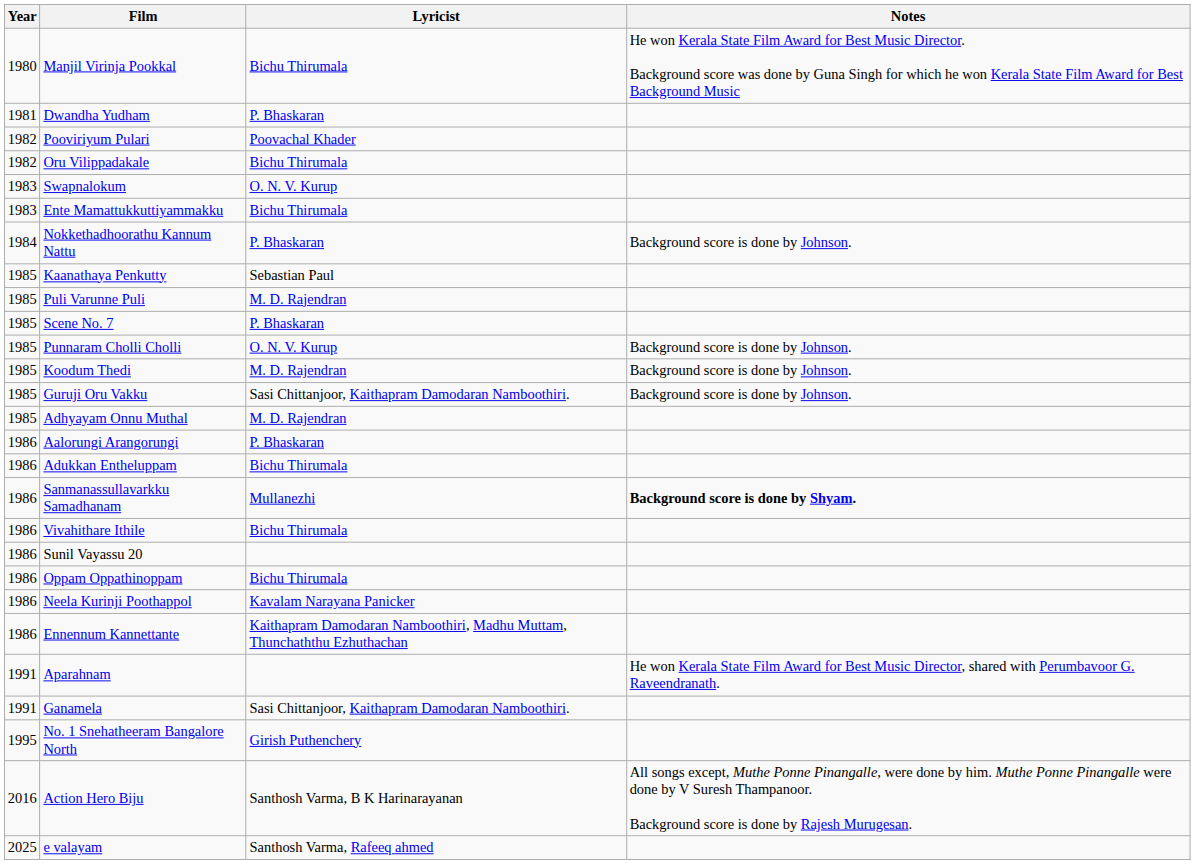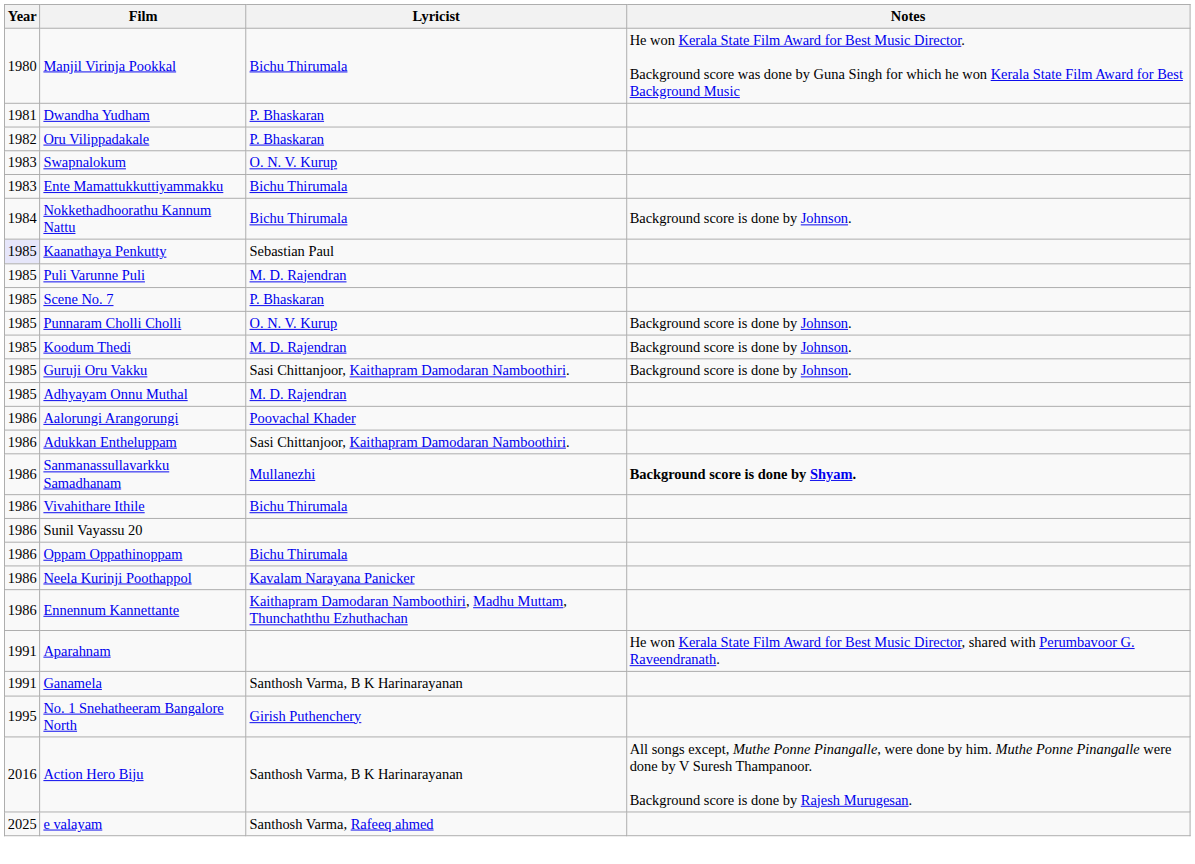 <table class="wikitable" style="font-size:95%;">
 <tr>
 <th>Year</th>
 <th>Film</th>
 <th>Lyricist</th>
 <th>Notes</th>
 </tr>
 <tr>
 <td>1980</td>
 <td><a href='#'>Manjil Virinja Pookkal</a></td>
 <td><a href='#'>Bichu Thirumala</a></td>
 <td>He won <a href='#'>Kerala State Film Award for Best Music Director</a>.<br><br>Background score was done by Guna Singh for which he won <a href='#'>Kerala State Film Award for Best Background Music</a></td>
 </tr>
 <tr>
 <td>1981</td>
 <td><a href='#'>Dwandha Yudham</a></td>
 <td><a href='#'>P. Bhaskaran</a></td>
 <td></td>
 </tr>
 <tr>
 <td>1982</td>
-<td><a href='#'>Pooviriyum Pulari</a></td>
-<td><a href='#'>Poovachal Khader</a></td>
-<td></td>
-</tr>
-<tr>
-<td>1982</td>
 <td><a href='#'>Oru Vilippadakale</a></td>
-<td><a href='#'>Bichu Thirumala</a></td>
+<td><a href='#'>P. Bhaskaran</a></td>
 <td></td>
 </tr>
 <tr>
 <td>1983</td>
 <td><a href='#'>Swapnalokum</a></td>
 <td><a href='#'>O. N. V. Kurup</a></td>
 <td></td>
 </tr>
 <tr>
 <td>1983</td>
 <td><a href='#'>Ente Mamattukkuttiyammakku</a></td>
 <td><a href='#'>Bichu Thirumala</a></td>
 <td></td>
 </tr>
 <tr>
 <td>1984</td>
 <td><a href='#'>Nokkethadhoorathu Kannum Nattu</a></td>
-<td><a href='#'>P. Bhaskaran</a></td>
+<td><a href='#'>Bichu Thirumala</a></td>
 <td>Background score is done by <a href='#'>Johnson</a>.</td>
 </tr>
 <tr>
-<td>1985</td>
+<td style="background: lavender;">1985</td>
 <td><a href='#'>Kaanathaya Penkutty</a></td>
 <td>Sebastian Paul</td>
 <td></td>
 </tr>
 <tr>
 <td>1985</td>
 <td><a href='#'>Puli Varunne Puli</a></td>
 <td><a href='#'>M. D. Rajendran</a></td>
 <td></td>
 </tr>
 <tr>
 <td>1985</td>
 <td><a href='#'>Scene No. 7</a></td>
 <td><a href='#'>P. Bhaskaran</a></td>
 <td></td>
 </tr>
 <tr>
 <td>1985</td>
 <td><a href='#'>Punnaram Cholli Cholli</a></td>
 <td><a href='#'>O. N. V. Kurup</a></td>
 <td>Background score is done by <a href='#'>Johnson</a>.</td>
 </tr>
 <tr>
 <td>1985</td>
 <td><a href='#'>Koodum Thedi</a></td>
 <td><a href='#'>M. D. Rajendran</a></td>
 <td>Background score is done by <a href='#'>Johnson</a>.</td>
 </tr>
 <tr>
 <td>1985</td>
 <td><a href='#'>Guruji Oru Vakku</a></td>
 <td>Sasi Chittanjoor, <a href='#'>Kaithapram Damodaran Namboothiri</a>.</td>
 <td>Background score is done by <a href='#'>Johnson</a>.</td>
 </tr>
 <tr>
 <td>1985</td>
 <td><a href='#'>Adhyayam Onnu Muthal</a></td>
 <td><a href='#'>M. D. Rajendran</a></td>
 <td></td>
 </tr>
 <tr>
 <td>1986</td>
 <td><a href='#'>Aalorungi Arangorungi</a></td>
-<td><a href='#'>P. Bhaskaran</a></td>
+<td><a href='#'>Poovachal Khader</a></td>
 <td></td>
 </tr>
 <tr>
 <td>1986</td>
 <td><a href='#'>Adukkan Entheluppam</a></td>
-<td><a href='#'>Bichu Thirumala</a></td>
+<td>Sasi Chittanjoor, <a href='#'>Kaithapram Damodaran Namboothiri</a>.</td>
 <td></td>
 </tr>
 <tr>
 <td>1986</td>
 <td><a href='#'>Sanmanassullavarkku Samadhanam</a></td>
 <td><a href='#'>Mullanezhi</a></td>
 <td><strong>Background score is done by <a href='#'>Shyam</a>.</strong></td>
 </tr>
 <tr>
 <td>1986</td>
 <td><a href='#'>Vivahithare Ithile</a></td>
 <td><a href='#'>Bichu Thirumala</a></td>
 <td></td>
 </tr>
 <tr>
 <td>1986</td>
 <td>Sunil Vayassu 20</td>
 <td></td>
 <td></td>
 </tr>
 <tr>
 <td>1986</td>
 <td><a href='#'>Oppam Oppathinoppam</a></td>
 <td><a href='#'>Bichu Thirumala</a></td>
 <td></td>
 </tr>
 <tr>
 <td>1986</td>
 <td><a href='#'>Neela Kurinji Poothappol</a></td>
 <td><a href='#'>Kavalam Narayana Panicker</a></td>
 <td></td>
 </tr>
 <tr>
 <td>1986</td>
 <td><a href='#'>Ennennum Kannettante</a></td>
 <td><a href='#'>Kaithapram Damodaran Namboothiri</a>, <a href='#'>Madhu Muttam</a>, <a href='#'>Thunchaththu Ezhuthachan</a></td>
 <td></td>
 </tr>
 <tr>
 <td>1991</td>
 <td><a href='#'>Aparahnam</a></td>
 <td></td>
 <td>He won <a href='#'>Kerala State Film Award for Best Music Director</a>, shared with <a href='#'>Perumbavoor G. Raveendranath</a>.</td>
 </tr>
 <tr>
 <td>1991</td>
 <td><a href='#'>Ganamela</a></td>
-<td>Sasi Chittanjoor, <a href='#'>Kaithapram Damodaran Namboothiri</a>.</td>
+<td>Santhosh Varma, B K Harinarayanan</td>
 <td></td>
 </tr>
 <tr>
 <td>1995</td>
 <td><a href='#'>No. 1 Snehatheeram Bangalore North</a></td>
 <td><a href='#'>Girish Puthenchery</a></td>
 <td></td>
 </tr>
 <tr>
 <td>2016</td>
 <td><a href='#'>Action Hero Biju</a></td>
 <td>Santhosh Varma, B K Harinarayanan</td>
 <td>All songs except, <em>Muthe Ponne Pinangalle</em>, were done by him. <em>Muthe Ponne Pinangalle</em> were done by V Suresh Thampanoor.<br><br> Background score is done by <a href='#'>Rajesh Murugesan</a>.</td>
 </tr>
 <tr>
 <td>2025</td>
 <td><a href='#'>e valayam</a></td>
 <td>Santhosh Varma, <a href='#'>Rafeeq ahmed</a></td>
 <td></td>
 </tr>
 </table>
